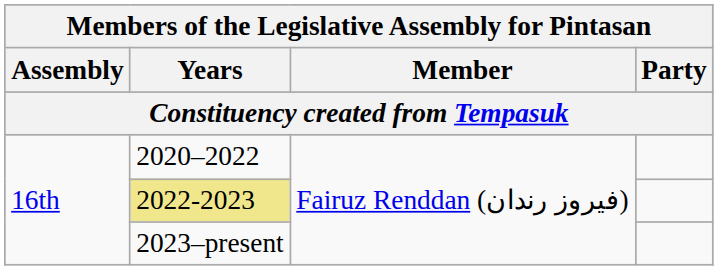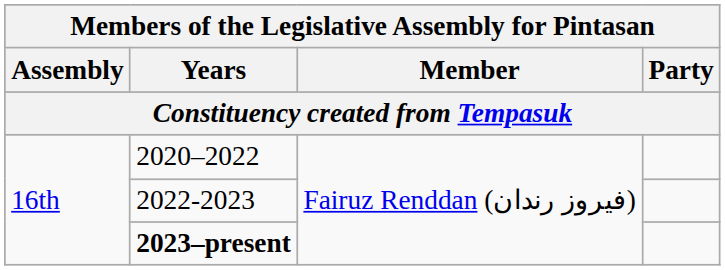 <table class=wikitable>
 <tr>
 <th colspan=4>Members of the Legislative Assembly for Pintasan</th>
 </tr>
 <tr>
 <th>Assembly</th>
 <th>Years</th>
 <th>Member</th>
 <th>Party</th>
 </tr>
 <tr>
 <th colspan=4 align=center><em>Constituency created from <a href='#'>Tempasuk</a></em></th>
 </tr>
 <tr>
 <td rowspan="3"><a href='#'>16th</a></td>
 <td>2020–2022</td>
 <td rowspan="3"><a href='#'>Fairuz Renddan</a> (فيروز رندان)</td>
 <td></td>
 </tr>
 <tr>
-<td style="background: khaki;">2022-2023</td>
+<td>2022-2023</td>
 <td></td>
 </tr>
 <tr>
-<td>2023–present</td>
+<td><strong>2023–present</strong></td>
 <td></td>
 </tr>
 </table>
